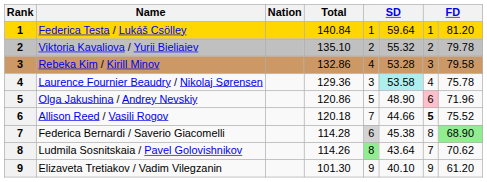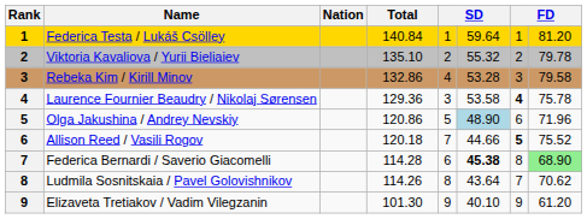 <table class="wikitable sortable">
 <tr>
 <th>Rank</th>
 <th>Name</th>
 <th>Nation</th>
 <th width="80px">Total</th>
 <th colspan="2" width="80px"><a href='#'>SD</a></th>
 <th colspan="2" width="80px"><a href='#'>FD</a></th>
 </tr>
 <tr bgcolor="gold">
 <td align="center"><strong>1</strong></td>
 <td><a href='#'>Federica Testa</a> / <a href='#'>Lukáš Csölley</a></td>
 <td></td>
 <td align="center">140.84</td>
 <td align="center">1</td>
 <td align="center">59.64</td>
 <td align="center">1</td>
 <td align="center">81.20</td>
 </tr>
 <tr bgcolor="silver">
 <td align="center"><strong>2</strong></td>
 <td><a href='#'>Viktoria Kavaliova</a> / <a href='#'>Yurii Bieliaiev</a></td>
 <td></td>
 <td align="center">135.10</td>
 <td align="center">2</td>
 <td align="center">55.32</td>
 <td align="center">2</td>
 <td align="center">79.78</td>
 </tr>
 <tr bgcolor="cc9966">
 <td align="center"><strong>3</strong></td>
 <td><a href='#'>Rebeka Kim</a> / <a href='#'>Kirill Minov</a></td>
 <td></td>
 <td align="center">132.86</td>
 <td align="center">4</td>
 <td align="center">53.28</td>
 <td align="center">3</td>
 <td align="center">79.58</td>
 </tr>
 <tr>
 <th>4</th>
 <td><a href='#'>Laurence Fournier Beaudry</a> / <a href='#'>Nikolaj Sørensen</a></td>
 <td></td>
 <td align="center">129.36</td>
 <td align="center">3</td>
-<td align="center" style="background: paleturquoise;">53.58</td>
-<td align="center">4</td>
+<td align="center">53.58</td>
+<td align="center"><strong>4</strong></td>
 <td align="center">75.78</td>
 </tr>
 <tr>
 <th>5</th>
 <td><a href='#'>Olga Jakushina</a> / <a href='#'>Andrey Nevskiy</a></td>
 <td></td>
 <td align="center">120.86</td>
 <td align="center">5</td>
-<td align="center">48.90</td>
-<td align="center" style="background: pink;">6</td>
+<td align="center" style="background: lightblue;">48.90</td>
+<td align="center">6</td>
 <td align="center">71.96</td>
 </tr>
 <tr>
 <th>6</th>
 <td><a href='#'>Allison Reed</a> / <a href='#'>Vasili Rogov</a></td>
 <td></td>
 <td align="center">120.18</td>
 <td align="center">7</td>
 <td align="center">44.66</td>
 <td align="center"><strong>5</strong></td>
 <td align="center">75.52</td>
 </tr>
 <tr>
 <th>7</th>
 <td>Federica Bernardi / Saverio Giacomelli</td>
 <td></td>
 <td align="center">114.28</td>
-<td align="center" style="background: lightgrey;">6</td>
-<td align="center">45.38</td>
+<td align="center">6</td>
+<td align="center"><strong>45.38</strong></td>
 <td align="center">8</td>
 <td align="center" style="background: lightgreen;">68.90</td>
 </tr>
 <tr>
 <th>8</th>
 <td>Ludmila Sosnitskaia / <a href='#'>Pavel Golovishnikov</a></td>
 <td></td>
 <td align="center">114.26</td>
-<td align="center" style="background: lightgreen;">8</td>
+<td align="center">8</td>
 <td align="center">43.64</td>
 <td align="center">7</td>
 <td align="center">70.62</td>
 </tr>
 <tr>
 <th>9</th>
 <td>Elizaveta Tretiakov / Vadim Vilegzanin</td>
 <td></td>
 <td align="center">101.30</td>
 <td align="center">9</td>
 <td align="center">40.10</td>
 <td align="center">9</td>
 <td align="center">61.20</td>
 </tr>
 </table>
